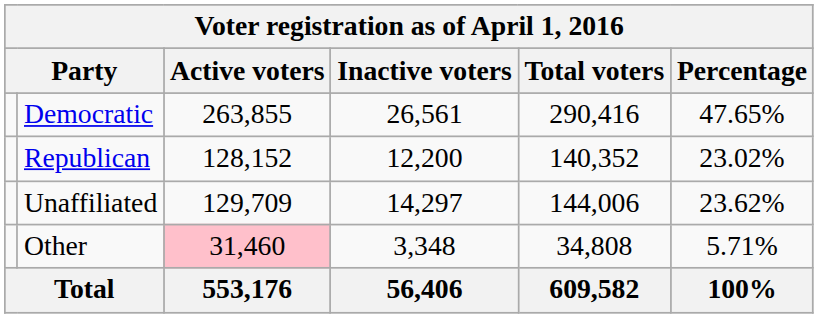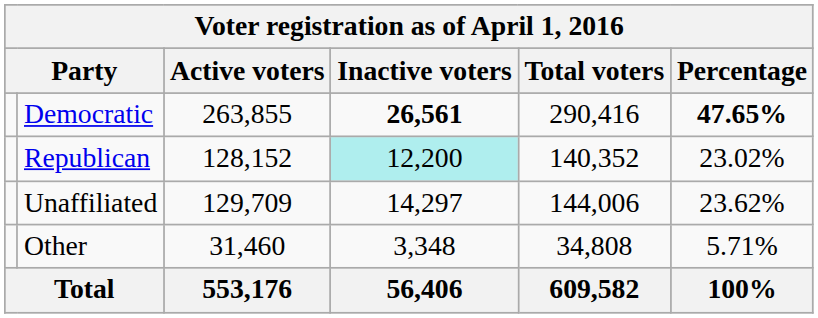 <table class=wikitable>
 <tr>
 <th colspan = 6>Voter registration as of April 1, 2016</th>
 </tr>
 <tr>
 <th colspan = 2>Party</th>
 <th>Active voters</th>
 <th>Inactive voters</th>
 <th>Total voters</th>
 <th>Percentage</th>
 </tr>
 <tr>
 <td></td>
 <td><a href='#'>Democratic</a></td>
 <td style="text-align:center;">263,855</td>
-<td style="text-align:center;">26,561</td>
+<td style="text-align:center;"><strong>26,561</strong></td>
 <td style="text-align:center;">290,416</td>
-<td style="text-align:center;">47.65%</td>
+<td style="text-align:center;"><strong>47.65%</strong></td>
 </tr>
 <tr>
 <td></td>
 <td><a href='#'>Republican</a></td>
 <td style="text-align:center;">128,152</td>
-<td style="text-align:center;">12,200</td>
+<td style="background: paleturquoise; text-align:center;">12,200</td>
 <td style="text-align:center;">140,352</td>
 <td style="text-align:center;">23.02%</td>
 </tr>
 <tr>
 <td></td>
 <td>Unaffiliated</td>
 <td style="text-align:center;">129,709</td>
 <td style="text-align:center;">14,297</td>
 <td style="text-align:center;">144,006</td>
 <td style="text-align:center;">23.62%</td>
 </tr>
 <tr>
 <td></td>
 <td>Other</td>
-<td style="background: pink; text-align:center;">31,460</td>
+<td style="text-align:center;">31,460</td>
 <td style="text-align:center;">3,348</td>
 <td style="text-align:center;">34,808</td>
 <td style="text-align:center;">5.71%</td>
 </tr>
 <tr>
 <th colspan = 2>Total</th>
 <th style="text-align:center;">553,176</th>
 <th style="text-align:center;">56,406</th>
 <th style="text-align:center;">609,582</th>
 <th style="text-align:center;">100%</th>
 </tr>
 </table>
